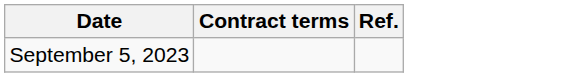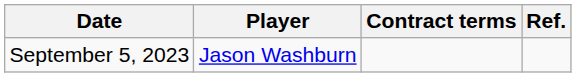 <table class="wikitable">
 <tr>
 <th>Date</th>
+<th>Player</th>
 <th>Contract terms</th>
 <th>Ref.</th>
 </tr>
 <tr>
 <td>September 5, 2023</td>
+<td><a href='#'>Jason Washburn</a></td>
 <td></td>
 <td></td>
 </tr>
 </table>
